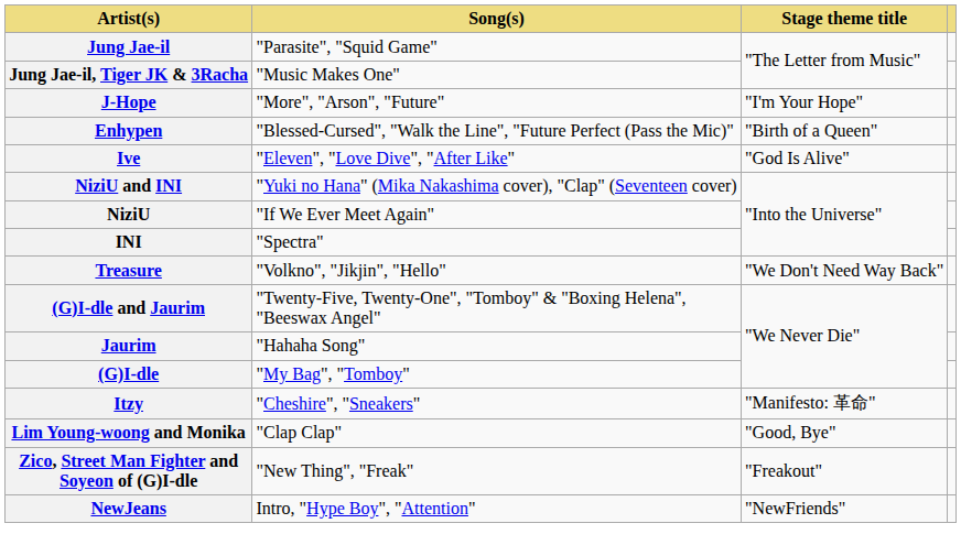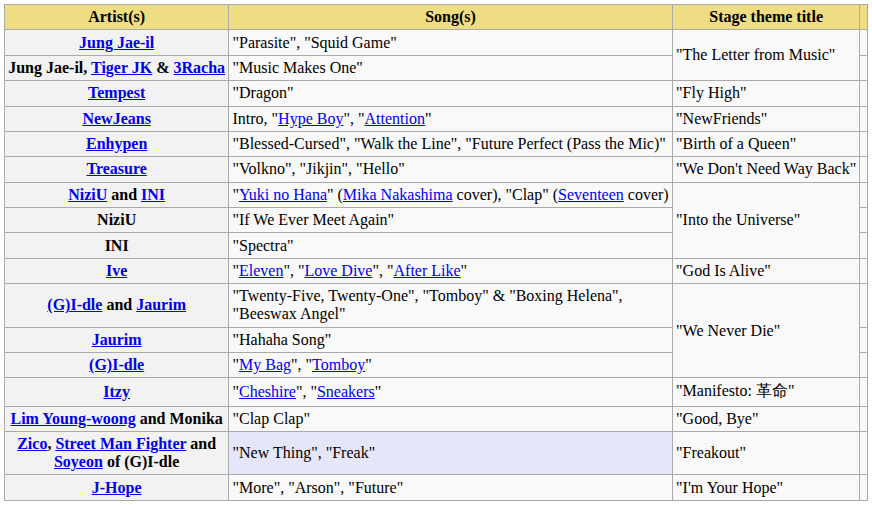 <table class="wikitable plainrowheaders">
 <tr>
 <th scope="col" style="background:#EEDD82;">Artist(s)</th>
 <th scope="col" style="background:#EEDD82;">Song(s)</th>
 <th scope="col" style="background:#EEDD82;">Stage theme title</th>
 <th scope="col" style="background:#EEDD82;"></th>
 </tr>
 <tr>
 <th scope="row"><a href='#'>Jung Jae-il</a></th>
 <td>"Parasite", "Squid Game"</td>
 <td rowspan="2">"The Letter from Music"</td>
 <td></td>
 </tr>
 <tr>
 <th scope="row">Jung Jae-il, <a href='#'>Tiger JK</a> & <a href='#'>3Racha</a></th>
 <td>"Music Makes One"</td>
 <td></td>
 </tr>
 <tr>
-<th scope="row"><a href='#'>J-Hope</a></th>
-<td>"More", "Arson", "Future"</td>
-<td>"I'm Your Hope"</td>
-<td style="text-align:center;"></td>
+<th scope="row"><a href='#'>Tempest</a></th>
+<td>"Dragon"</td>
+<td>"Fly High"</td>
+<td></td>
+</tr>
+<tr>
+<th scope="row"><a href='#'>NewJeans</a></th>
+<td>Intro, "<a href='#'>Hype Boy</a>", "<a href='#'>Attention</a>"</td>
+<td>"NewFriends"</td>
+<td></td>
 </tr>
 <tr>
 <th scope="row"><a href='#'>Enhypen</a></th>
 <td>"Blessed-Cursed", "Walk the Line", "Future Perfect (Pass the Mic)"</td>
 <td>"Birth of a Queen"</td>
 <td></td>
 </tr>
 <tr>
-<th scope="row"><a href='#'>Ive</a></th>
-<td>"<a href='#'>Eleven</a>", "<a href='#'>Love Dive</a>", "<a href='#'>After Like</a>"</td>
-<td>"God Is Alive"</td>
+<th scope="row"><a href='#'>Treasure</a></th>
+<td>"Volkno", "Jikjin", "Hello"</td>
+<td>"We Don't Need Way Back"</td>
 <td></td>
 </tr>
 <tr>
 <th scope="row"><a href='#'>NiziU</a> and <a href='#'>INI</a></th>
 <td>"<a href='#'>Yuki no Hana</a>" (<a href='#'>Mika Nakashima</a> cover), "Clap" (<a href='#'>Seventeen</a> cover)</td>
 <td rowspan="3">"Into the Universe"</td>
 <td></td>
 </tr>
 <tr>
 <th scope="row">NiziU</th>
 <td>"If We Ever Meet Again"</td>
 <td></td>
 </tr>
 <tr>
 <th scope="row">INI</th>
 <td>"Spectra"</td>
 <td></td>
 </tr>
 <tr>
-<th scope="row"><a href='#'>Treasure</a></th>
-<td>"Volkno", "Jikjin", "Hello"</td>
-<td>"We Don't Need Way Back"</td>
+<th scope="row"><a href='#'>Ive</a></th>
+<td>"<a href='#'>Eleven</a>", "<a href='#'>Love Dive</a>", "<a href='#'>After Like</a>"</td>
+<td>"God Is Alive"</td>
 <td></td>
 </tr>
 <tr>
 <th scope="row"><a href='#'>(G)I-dle</a> and <a href='#'>Jaurim</a></th>
 <td>"Twenty-Five, Twenty-One", "Tomboy" & "Boxing Helena",<br>"Beeswax Angel"</td>
 <td rowspan="3">"We Never Die"</td>
 <td></td>
 </tr>
 <tr>
 <th scope="row"><a href='#'>Jaurim</a></th>
 <td>"Hahaha Song"</td>
 <td></td>
 </tr>
 <tr>
 <th scope="row"><a href='#'>(G)I-dle</a></th>
 <td>"<a href='#'>My Bag</a>", "<a href='#'>Tomboy</a>"</td>
 <td></td>
 </tr>
 <tr>
 <th scope="row"><a href='#'>Itzy</a></th>
 <td>"<a href='#'>Cheshire</a>", "<a href='#'>Sneakers</a>"</td>
 <td>"Manifesto: 革命"</td>
 <td></td>
 </tr>
 <tr>
 <th scope="row"><a href='#'>Lim Young-woong</a> and Monika</th>
 <td>"Clap Clap"</td>
 <td>"Good, Bye"</td>
 <td></td>
 </tr>
 <tr>
 <th scope="row"><a href='#'>Zico</a>, <a href='#'>Street Man Fighter</a> and<br><a href='#'>Soyeon</a> of (G)I-dle</th>
-<td>"New Thing", "Freak"</td>
+<td style="background: lavender;">"New Thing", "Freak"</td>
 <td>"Freakout"</td>
 <td></td>
 </tr>
 <tr>
-<th scope="row"><a href='#'>NewJeans</a></th>
-<td>Intro, "<a href='#'>Hype Boy</a>", "<a href='#'>Attention</a>"</td>
-<td>"NewFriends"</td>
-<td></td>
+<th scope="row"><a href='#'>J-Hope</a></th>
+<td>"More", "Arson", "Future"</td>
+<td>"I'm Your Hope"</td>
+<td style="text-align:center;"></td>
 </tr>
 </table>
